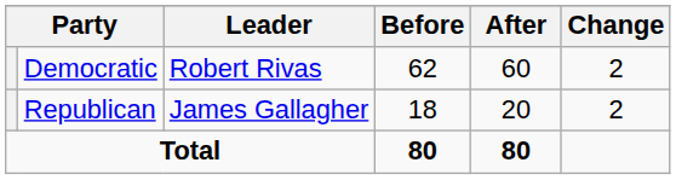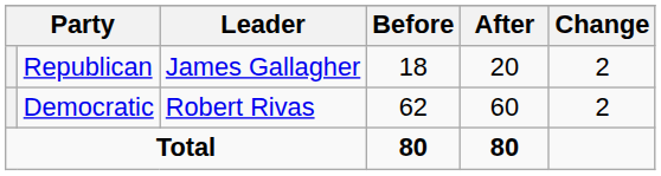 <table class="wikitable" style="text-align:center;">
 <tr>
 </tr>
 <tr>
 <th colspan="2">Party</th>
 <th>Leader</th>
 <th style="width:3em">Before</th>
 <th style="width:3em">After</th>
 <th style="width:3em">Change</th>
 </tr>
 <tr>
 <th style="background-color:"></th>
+<td style="text-align:left;"><a href='#'>Republican</a></td>
+<td style="text-align:left;"><a href='#'>James Gallagher</a></td>
+<td>18</td>
+<td>20</td>
+<td> 2</td>
+</tr>
+<tr>
+<th style="background-color:"></th>
 <td style="text-align:left;"><a href='#'>Democratic</a></td>
 <td style="text-align:left;"><a href='#'>Robert Rivas</a></td>
 <td>62</td>
 <td>60</td>
-<td> 2</td>
-</tr>
-<tr>
-<th style="background-color:"></th>
-<td style="text-align:left;"><a href='#'>Republican</a></td>
-<td style="text-align:left;"><a href='#'>James Gallagher</a></td>
-<td>18</td>
-<td>20</td>
 <td> 2</td>
 </tr>
 <tr>
 <td colspan="3"><strong>Total</strong></td>
 <td><strong>80</strong></td>
 <td><strong>80</strong></td>
 <td></td>
 </tr>
 </table>
